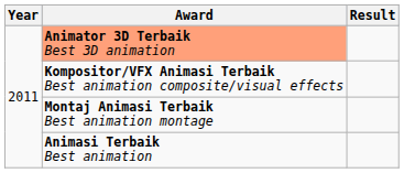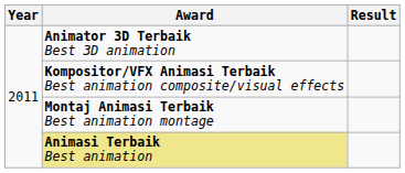 <table class="wikitable" style="margin:1em 0;">
 <tr style="background:#b0c4de;">
 <th>Year</th>
 <th>Award</th>
 <th>Result</th>
 </tr>
 <tr>
 <td rowspan=4>2011</td>
-<td style="background: lightsalmon;"><strong>Animator 3D Terbaik</strong><br><em>Best 3D animation</em></td>
+<td><strong>Animator 3D Terbaik</strong><br><em>Best 3D animation</em></td>
 <td></td>
 </tr>
 <tr>
 <td><strong>Kompositor/VFX Animasi Terbaik</strong><br><em>Best animation composite/visual effects</em></td>
 <td></td>
 </tr>
 <tr>
 <td><strong>Montaj Animasi Terbaik</strong><br><em>Best animation montage</em></td>
 <td></td>
 </tr>
 <tr>
-<td><strong>Animasi Terbaik</strong><br><em>Best animation</em></td>
+<td style="background: khaki;"><strong>Animasi Terbaik</strong><br><em>Best animation</em></td>
 <td></td>
 </tr>
 </table>
